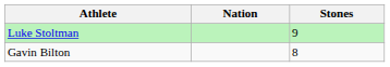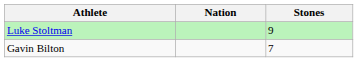 <table class="wikitable" style="display: inline-table; width: 40%;">
 <tr>
 <th scope="col">Athlete</th>
 <th scope="col">Nation</th>
 <th scope="col">Stones</th>
 </tr>
 <tr bgcolor=bbf3bb>
 <td><a href='#'>Luke Stoltman</a></td>
 <td></td>
 <td>9</td>
 </tr>
 <tr>
 <td>Gavin Bilton</td>
 <td></td>
-<td>8</td>
+<td>7</td>
 </tr>
 </table>
